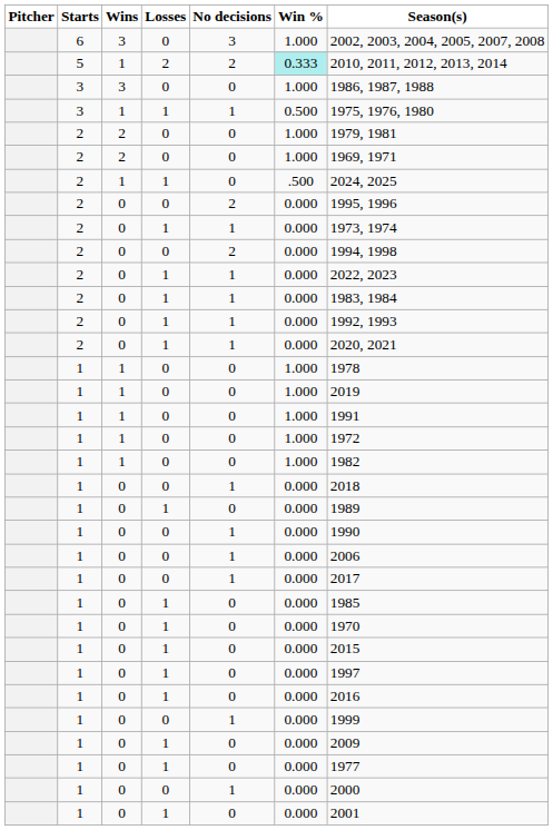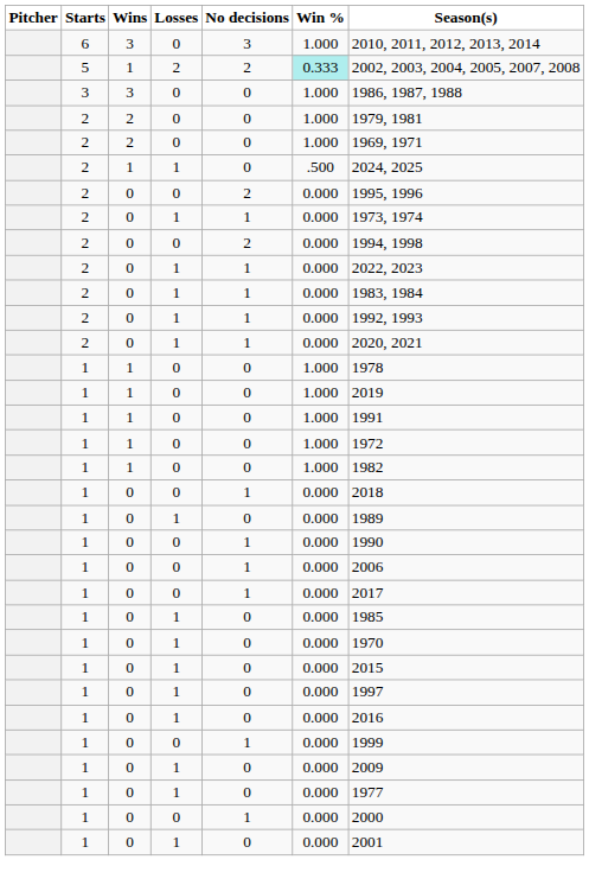 <table class="wikitable sortable plainrowheaders">
 <tr>
 <th scope="col" style="background-color:#ffffff; border-top:#">Pitcher</th>
 <th scope="col" style="background-color:#ffffff; border-top:#">Starts</th>
 <th scope="col" style="background-color:#ffffff; border-top:#">Wins</th>
 <th scope="col" style="background-color:#ffffff; border-top:#">Losses</th>
 <th scope="col" style="background-color:#ffffff; border-top:#">No decisions</th>
 <th scope="col" style="background-color:#ffffff; border-top:#">Win %</th>
 <th scope="col" style="background-color:#ffffff; border-top:#">Season(s)</th>
 </tr>
 <tr>
 <th scope="row"></th>
 <td align="center">6</td>
 <td align="center">3</td>
 <td align="center">0</td>
 <td align="center">3</td>
 <td align="center">1.000</td>
-<td>2002, 2003, 2004, 2005, 2007, 2008</td>
+<td>2010, 2011, 2012, 2013, 2014</td>
 </tr>
 <tr>
 <th scope="row"></th>
 <td align="center">5</td>
 <td align="center">1</td>
 <td align="center">2</td>
 <td align="center">2</td>
 <td align="center" style="background: paleturquoise;">0.333</td>
-<td>2010, 2011, 2012, 2013, 2014</td>
+<td>2002, 2003, 2004, 2005, 2007, 2008</td>
 </tr>
 <tr>
 <th scope="row"></th>
 <td align="center">3</td>
 <td align="center">3</td>
 <td align="center">0</td>
 <td align="center">0</td>
 <td align="center">1.000</td>
 <td>1986, 1987, 1988</td>
-</tr>
-<tr>
-<th scope="row"></th>
-<td align="center">3</td>
-<td align="center">1</td>
-<td align="center">1</td>
-<td align="center">1</td>
-<td align="center">0.500</td>
-<td>1975, 1976, 1980</td>
 </tr>
 <tr>
 <th scope="row"></th>
 <td align="center">2</td>
 <td align="center">2</td>
 <td align="center">0</td>
 <td align="center">0</td>
 <td align="center">1.000</td>
 <td>1979, 1981</td>
 </tr>
 <tr>
 <th scope="row"></th>
 <td align="center">2</td>
 <td align="center">2</td>
 <td align="center">0</td>
 <td align="center">0</td>
 <td align="center">1.000</td>
 <td>1969, 1971</td>
 </tr>
 <tr>
 <th scope="row"></th>
 <td align="center">2</td>
 <td align="center">1</td>
 <td align="center">1</td>
 <td align="center">0</td>
 <td align="center">.500</td>
 <td>2024, 2025</td>
 </tr>
 <tr>
 <th scope="row"></th>
 <td align="center">2</td>
 <td align="center">0</td>
 <td align="center">0</td>
 <td align="center">2</td>
 <td align="center">0.000</td>
 <td>1995, 1996</td>
 </tr>
 <tr>
 <th scope="row"></th>
 <td align="center">2</td>
 <td align="center">0</td>
 <td align="center">1</td>
 <td align="center">1</td>
 <td align="center">0.000</td>
 <td>1973, 1974</td>
 </tr>
 <tr>
 <th scope="row"></th>
 <td align="center">2</td>
 <td align="center">0</td>
 <td align="center">0</td>
 <td align="center">2</td>
 <td align="center">0.000</td>
 <td>1994, 1998</td>
 </tr>
 <tr>
 <th scope="row"></th>
 <td align="center">2</td>
 <td align="center">0</td>
 <td align="center">1</td>
 <td align="center">1</td>
 <td align="center">0.000</td>
 <td>2022, 2023</td>
 </tr>
 <tr>
 <th scope="row"></th>
 <td align="center">2</td>
 <td align="center">0</td>
 <td align="center">1</td>
 <td align="center">1</td>
 <td align="center">0.000</td>
 <td>1983, 1984</td>
 </tr>
 <tr>
 <th scope="row"></th>
 <td align="center">2</td>
 <td align="center">0</td>
 <td align="center">1</td>
 <td align="center">1</td>
 <td align="center">0.000</td>
 <td>1992, 1993</td>
 </tr>
 <tr>
 <th scope="row"></th>
 <td align="center">2</td>
 <td align="center">0</td>
 <td align="center">1</td>
 <td align="center">1</td>
 <td align="center">0.000</td>
 <td>2020, 2021</td>
 </tr>
 <tr>
 <th scope="row"></th>
 <td align="center">1</td>
 <td align="center">1</td>
 <td align="center">0</td>
 <td align="center">0</td>
 <td align="center">1.000</td>
 <td>1978</td>
 </tr>
 <tr>
 <th scope="row"></th>
 <td align="center">1</td>
 <td align="center">1</td>
 <td align="center">0</td>
 <td align="center">0</td>
 <td align="center">1.000</td>
 <td>2019</td>
 </tr>
 <tr>
 <th scope="row"></th>
 <td align="center">1</td>
 <td align="center">1</td>
 <td align="center">0</td>
 <td align="center">0</td>
 <td align="center">1.000</td>
 <td>1991</td>
 </tr>
 <tr>
 <th scope="row"></th>
 <td align="center">1</td>
 <td align="center">1</td>
 <td align="center">0</td>
 <td align="center">0</td>
 <td align="center">1.000</td>
 <td>1972</td>
 </tr>
 <tr>
 <th scope="row"></th>
 <td align="center">1</td>
 <td align="center">1</td>
 <td align="center">0</td>
 <td align="center">0</td>
 <td align="center">1.000</td>
 <td>1982</td>
 </tr>
 <tr>
 <th scope="row"></th>
 <td align="center">1</td>
 <td align="center">0</td>
 <td align="center">0</td>
 <td align="center">1</td>
 <td align="center">0.000</td>
 <td>2018</td>
 </tr>
 <tr>
 <th scope="row"></th>
 <td align="center">1</td>
 <td align="center">0</td>
 <td align="center">1</td>
 <td align="center">0</td>
 <td align="center">0.000</td>
 <td>1989</td>
 </tr>
 <tr>
 <th scope="row"></th>
 <td align="center">1</td>
 <td align="center">0</td>
 <td align="center">0</td>
 <td align="center">1</td>
 <td align="center">0.000</td>
 <td>1990</td>
 </tr>
 <tr>
 <th scope="row"></th>
 <td align="center">1</td>
 <td align="center">0</td>
 <td align="center">0</td>
 <td align="center">1</td>
 <td align="center">0.000</td>
 <td>2006</td>
 </tr>
 <tr>
 <th scope="row"></th>
 <td align="center">1</td>
 <td align="center">0</td>
 <td align="center">0</td>
 <td align="center">1</td>
 <td align="center">0.000</td>
 <td>2017</td>
 </tr>
 <tr>
 <th scope="row"></th>
 <td align="center">1</td>
 <td align="center">0</td>
 <td align="center">1</td>
 <td align="center">0</td>
 <td align="center">0.000</td>
 <td>1985</td>
 </tr>
 <tr>
 <th scope="row"></th>
 <td align="center">1</td>
 <td align="center">0</td>
 <td align="center">1</td>
 <td align="center">0</td>
 <td align="center">0.000</td>
 <td>1970</td>
 </tr>
 <tr>
 <th scope="row"></th>
 <td align="center">1</td>
 <td align="center">0</td>
 <td align="center">1</td>
 <td align="center">0</td>
 <td align="center">0.000</td>
 <td>2015</td>
 </tr>
 <tr>
 <th scope="row"></th>
 <td align="center">1</td>
 <td align="center">0</td>
 <td align="center">1</td>
 <td align="center">0</td>
 <td align="center">0.000</td>
 <td>1997</td>
 </tr>
 <tr>
 <th scope="row"></th>
 <td align="center">1</td>
 <td align="center">0</td>
 <td align="center">1</td>
 <td align="center">0</td>
 <td align="center">0.000</td>
 <td>2016</td>
 </tr>
 <tr>
 <th scope="row"></th>
 <td align="center">1</td>
 <td align="center">0</td>
 <td align="center">0</td>
 <td align="center">1</td>
 <td align="center">0.000</td>
 <td>1999</td>
 </tr>
 <tr>
 <th scope="row"></th>
 <td align="center">1</td>
 <td align="center">0</td>
 <td align="center">1</td>
 <td align="center">0</td>
 <td align="center">0.000</td>
 <td>2009</td>
 </tr>
 <tr>
 <th scope="row"></th>
 <td align="center">1</td>
 <td align="center">0</td>
 <td align="center">1</td>
 <td align="center">0</td>
 <td align="center">0.000</td>
 <td>1977</td>
 </tr>
 <tr>
 <th scope="row"></th>
 <td align="center">1</td>
 <td align="center">0</td>
 <td align="center">0</td>
 <td align="center">1</td>
 <td align="center">0.000</td>
 <td>2000</td>
 </tr>
 <tr>
 <th scope="row"></th>
 <td align="center">1</td>
 <td align="center">0</td>
 <td align="center">1</td>
 <td align="center">0</td>
 <td align="center">0.000</td>
 <td>2001</td>
 </tr>
 </table>
